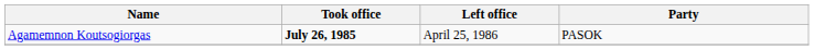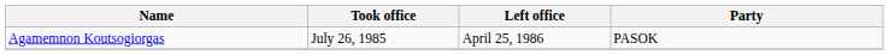 <table class="wikitable">
 <tr>
 <th width="20%">Name</th>
 <th width="10%">Took office</th>
 <th width="10%">Left office</th>
 <th width="18%">Party</th>
 </tr>
 <tr>
 <td><a href='#'>Agamemnon Koutsogiorgas</a></td>
-<td><strong>July 26, 1985</strong></td>
+<td>July 26, 1985</td>
 <td>April 25, 1986</td>
 <td>PASOK</td>
 </tr>
 <tr>
 </tr>
 </table>
